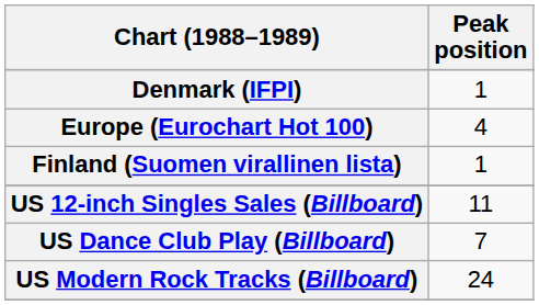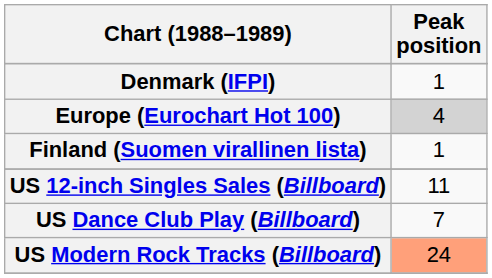 <table class="wikitable sortable plainrowheaders" style="text-align:center">
 <tr>
 <th>Chart (1988–1989)</th>
 <th>Peak<br>position</th>
 </tr>
 <tr>
 </tr>
 <tr>
 </tr>
 <tr>
 </tr>
 <tr>
 <th scope="row">Denmark (<a href='#'>IFPI</a>)</th>
 <td>1</td>
 </tr>
 <tr>
 <th scope="row">Europe (<a href='#'>Eurochart Hot 100</a>)</th>
-<td>4</td>
+<td style="background: lightgrey;">4</td>
 </tr>
 <tr>
 <th scope="row">Finland (<a href='#'>Suomen virallinen lista</a>)</th>
 <td>1</td>
 </tr>
 <tr>
 </tr>
 <tr>
 </tr>
 <tr>
 </tr>
 <tr>
 </tr>
 <tr>
 </tr>
 <tr>
 </tr>
 <tr>
 </tr>
 <tr>
 </tr>
 <tr>
 <th scope="row">US <a href='#'>12-inch Singles Sales</a> (<em><a href='#'>Billboard</a></em>)</th>
 <td>11</td>
 </tr>
 <tr>
 <th scope="row">US <a href='#'>Dance Club Play</a> (<em><a href='#'>Billboard</a></em>)</th>
 <td>7</td>
 </tr>
 <tr>
 <th scope="row">US <a href='#'>Modern Rock Tracks</a> (<em><a href='#'>Billboard</a></em>)</th>
-<td>24</td>
+<td style="background: lightsalmon;">24</td>
 </tr>
 <tr>
 </tr>
 </table>
